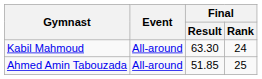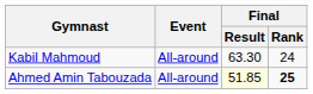 <table class=wikitable style="font-size:90%">
 <tr>
 <th rowspan=2>Gymnast</th>
 <th rowspan=2>Event</th>
 <th colspan=2>Final</th>
 </tr>
 <tr>
 <th>Result</th>
 <th>Rank</th>
 </tr>
 <tr>
 <td><a href='#'>Kabil Mahmoud</a></td>
 <td><a href='#'>All-around</a></td>
 <td align=center>63.30</td>
 <td align=center>24</td>
 </tr>
 <tr>
 <td><a href='#'>Ahmed Amin Tabouzada</a></td>
 <td><a href='#'>All-around</a></td>
-<td align=center>51.85</td>
-<td align=center>25</td>
+<td align=center style="background: lightyellow;">51.85</td>
+<td align=center><strong>25</strong></td>
 </tr>
 </table>
